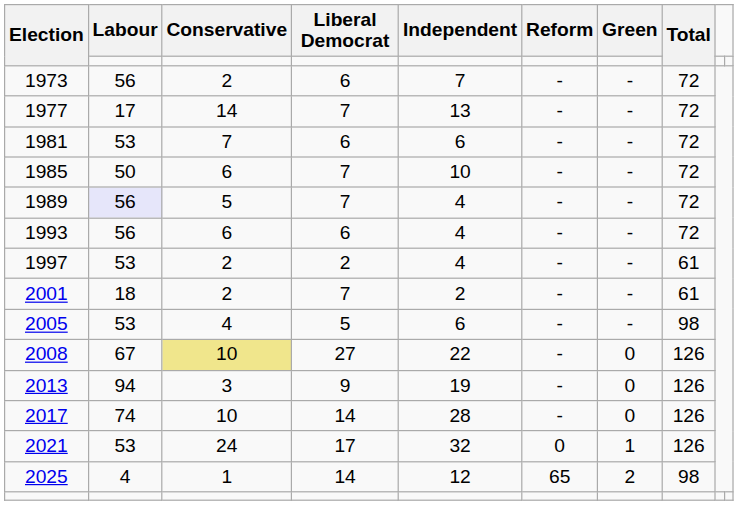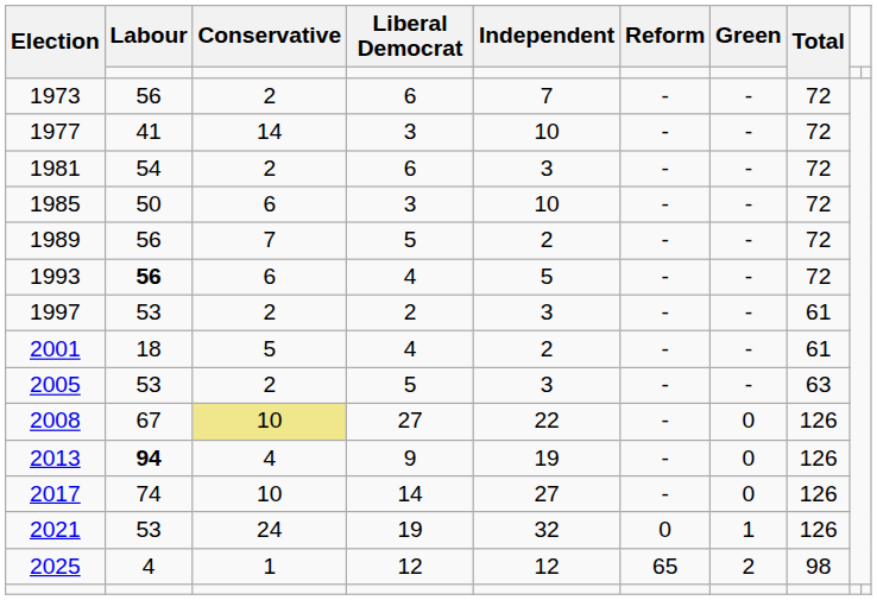 <table class="wikitable" style="text-align: center">
 <tr>
 <th rowspan="2">Election</th>
 <th>Labour</th>
 <th>Conservative</th>
 <th>Liberal Democrat</th>
 <th>Independent</th>
 <th>Reform</th>
 <th>Green</th>
 <th rowspan="2">Total</th>
 </tr>
 <tr>
 <td style="background-color: "></td>
 <td style="background-color: "></td>
 <td style="background-color: "></td>
 <td style="background-color: "></td>
 <td style="background-color: "></td>
 <td style="background-color: "></td>
 <td></td>
 <td></td>
 </tr>
 <tr>
 <td>1973</td>
 <td>56</td>
 <td>2</td>
 <td>6</td>
 <td>7</td>
 <td>-</td>
 <td>-</td>
 <td>72</td>
 </tr>
 <tr>
 <td>1977</td>
-<td>17</td>
+<td>41</td>
 <td>14</td>
-<td>7</td>
-<td>13</td>
+<td>3</td>
+<td>10</td>
 <td>-</td>
 <td>-</td>
 <td>72</td>
 </tr>
 <tr>
 <td>1981</td>
-<td>53</td>
-<td>7</td>
+<td>54</td>
+<td>2</td>
 <td>6</td>
-<td>6</td>
+<td>3</td>
 <td>-</td>
 <td>-</td>
 <td>72</td>
 </tr>
 <tr>
 <td>1985</td>
 <td>50</td>
 <td>6</td>
-<td>7</td>
+<td>3</td>
 <td>10</td>
 <td>-</td>
 <td>-</td>
 <td>72</td>
 </tr>
 <tr>
 <td>1989</td>
-<td style="background: lavender;">56</td>
+<td>56</td>
+<td>7</td>
 <td>5</td>
-<td>7</td>
-<td>4</td>
+<td>2</td>
 <td>-</td>
 <td>-</td>
 <td>72</td>
 </tr>
 <tr>
 <td>1993</td>
-<td>56</td>
-<td>6</td>
+<td><strong>56</strong></td>
 <td>6</td>
 <td>4</td>
+<td>5</td>
 <td>-</td>
 <td>-</td>
 <td>72</td>
 </tr>
 <tr>
 <td>1997</td>
 <td>53</td>
 <td>2</td>
 <td>2</td>
-<td>4</td>
+<td>3</td>
 <td>-</td>
 <td>-</td>
 <td>61</td>
 </tr>
 <tr>
 <td><a href='#'>2001</a></td>
 <td>18</td>
-<td>2</td>
-<td>7</td>
+<td>5</td>
+<td>4</td>
 <td>2</td>
 <td>-</td>
 <td>-</td>
 <td>61</td>
 </tr>
 <tr>
 <td><a href='#'>2005</a></td>
 <td>53</td>
-<td>4</td>
+<td>2</td>
 <td>5</td>
-<td>6</td>
+<td>3</td>
 <td>-</td>
 <td>-</td>
-<td>98</td>
+<td>63</td>
 </tr>
 <tr>
 <td><a href='#'>2008</a></td>
 <td>67</td>
 <td style="background: khaki;">10</td>
 <td>27</td>
 <td>22</td>
 <td>-</td>
 <td>0</td>
 <td>126</td>
 </tr>
 <tr>
 <td><a href='#'>2013</a></td>
-<td>94</td>
-<td>3</td>
+<td><strong>94</strong></td>
+<td>4</td>
 <td>9</td>
 <td>19</td>
 <td>-</td>
 <td>0</td>
 <td>126</td>
 </tr>
 <tr>
 <td><a href='#'>2017</a></td>
 <td>74</td>
 <td>10</td>
 <td>14</td>
-<td>28</td>
+<td>27</td>
 <td>-</td>
 <td>0</td>
 <td>126</td>
 </tr>
 <tr>
 <td><a href='#'>2021</a></td>
 <td>53</td>
 <td>24</td>
-<td>17</td>
+<td>19</td>
 <td>32</td>
 <td>0</td>
 <td>1</td>
 <td>126</td>
 </tr>
 <tr>
 <td><a href='#'>2025</a></td>
 <td>4</td>
 <td>1</td>
-<td>14</td>
+<td>12</td>
 <td>12</td>
 <td>65</td>
 <td>2</td>
 <td>98</td>
 </tr>
 <tr>
 <td></td>
 <td style="background-color: "></td>
 <td style="background-color: "></td>
 <td style="background-color: "></td>
 <td style="background-color: "></td>
 <td style="background-color: "></td>
 <td style="background-color: "></td>
 <td></td>
 <td></td>
 <td></td>
 </tr>
 </table>
